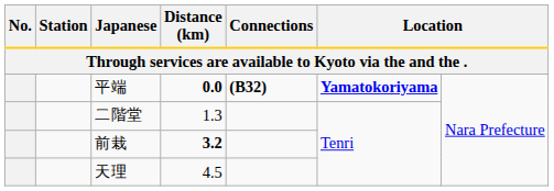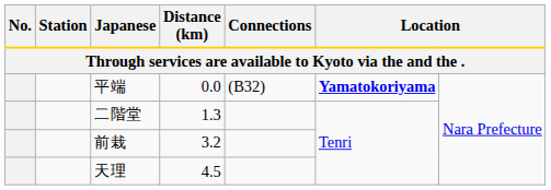 <table border=1 cellsapacing=0 class=wikitable>
 <tr style="border-bottom:solid 2px #fc0;">
 <th>No.</th>
 <th>Station</th>
 <th>Japanese</th>
 <th>Distance<br>(km)</th>
 <th>Connections</th>
 <th colspan=2>Location</th>
 </tr>
 <tr>
 <th colspan=7>Through services are available to Kyoto via the   and the  .</th>
 </tr>
 <tr>
 <th></th>
 <td></td>
 <td>平端</td>
-<td align="right"><strong>0.0</strong></td>
-<td><strong>  (B32)</strong></td>
+<td align="right">0.0</td>
+<td>  (B32)</td>
 <td><strong><a href='#'>Yamatokoriyama</a></strong></td>
 <td rowspan=4><a href='#'>Nara Prefecture</a></td>
 </tr>
 <tr>
 <th></th>
 <td></td>
 <td>二階堂</td>
 <td align="right">1.3</td>
 <td></td>
 <td rowspan=3><a href='#'>Tenri</a></td>
 </tr>
 <tr>
 <th></th>
 <td></td>
 <td>前栽</td>
-<td align="right"><strong>3.2</strong></td>
+<td align="right">3.2</td>
 <td></td>
 </tr>
 <tr>
 <th></th>
 <td></td>
 <td>天理</td>
 <td align="right">4.5</td>
 <td> </td>
 </tr>
 </table>
